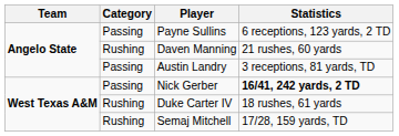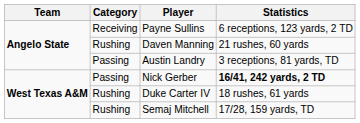 <table class="wikitable" style="float: left;">
 <tr>
 <th>Team</th>
 <th>Category</th>
 <th>Player</th>
 <th>Statistics</th>
 </tr>
 <tr>
 <td rowspan=3><strong>Angelo State</strong></td>
-<td>Passing</td>
+<td>Receiving</td>
 <td>Payne Sullins</td>
 <td>6 receptions, 123 yards, 2 TD</td>
 </tr>
 <tr>
 <td>Rushing</td>
 <td>Daven Manning</td>
 <td>21 rushes, 60 yards</td>
 </tr>
 <tr>
 <td>Passing</td>
 <td>Austin Landry</td>
 <td>3 receptions, 81 yards, TD</td>
 </tr>
 <tr>
 <td rowspan=3><strong>West Texas A&M</strong></td>
 <td>Passing</td>
 <td>Nick Gerber</td>
 <td><strong>16/41, 242 yards, 2 TD</strong></td>
 </tr>
 <tr>
 <td>Rushing</td>
 <td>Duke Carter IV</td>
 <td>18 rushes, 61 yards</td>
 </tr>
 <tr>
 <td>Rushing</td>
 <td>Semaj Mitchell</td>
 <td>17/28, 159 yards, TD</td>
 </tr>
 </table>
